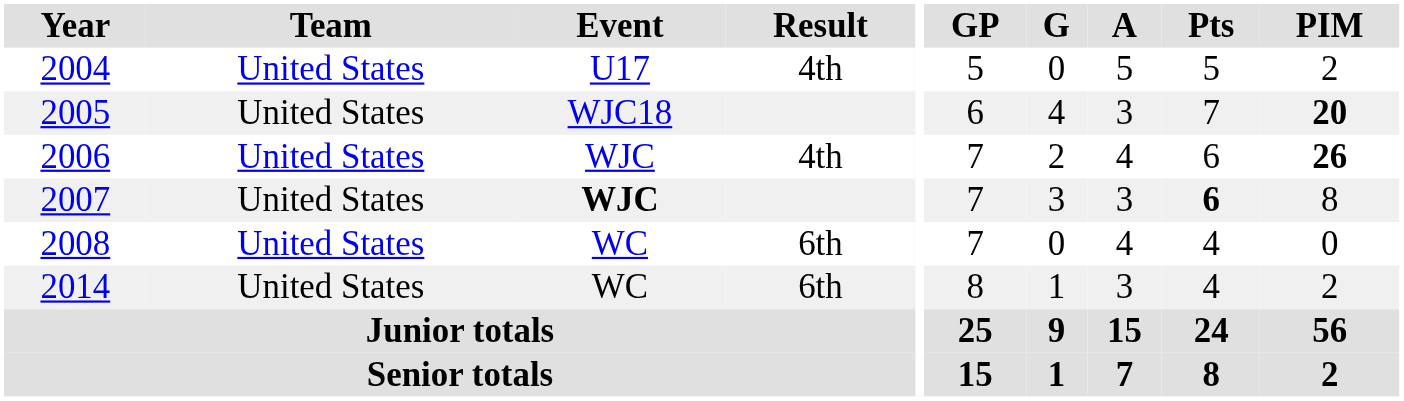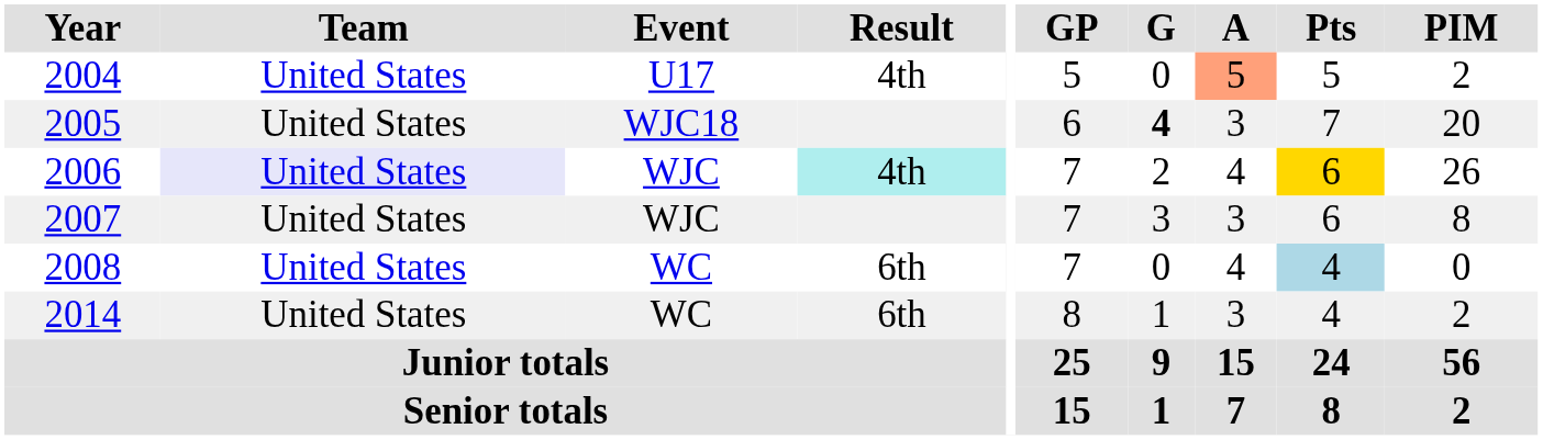 <table border="0" cellpadding="1" cellspacing="0" ID="Table3" style="text-align:center; width:40em">
 <tr ALIGN="center" bgcolor="#e0e0e0">
 <th>Year</th>
 <th>Team</th>
 <th>Event</th>
 <th>Result</th>
 <th rowspan="99" bgcolor="#ffffff"></th>
 <th>GP</th>
 <th>G</th>
 <th>A</th>
 <th>Pts</th>
 <th>PIM</th>
 </tr>
 <tr>
 <td><a href='#'>2004</a></td>
 <td><a href='#'>United States</a></td>
 <td><a href='#'>U17</a></td>
 <td>4th</td>
 <td>5</td>
 <td>0</td>
-<td>5</td>
+<td style="background: lightsalmon;">5</td>
 <td>5</td>
 <td>2</td>
 </tr>
 <tr bgcolor="#f0f0f0">
 <td><a href='#'>2005</a></td>
 <td>United States</td>
 <td><a href='#'>WJC18</a></td>
 <td></td>
 <td>6</td>
-<td>4</td>
+<td><strong>4</strong></td>
 <td>3</td>
 <td>7</td>
-<td><strong>20</strong></td>
+<td>20</td>
 </tr>
 <tr>
 <td><a href='#'>2006</a></td>
-<td><a href='#'>United States</a></td>
+<td style="background: lavender;"><a href='#'>United States</a></td>
 <td><a href='#'>WJC</a></td>
-<td>4th</td>
+<td style="background: paleturquoise;">4th</td>
 <td>7</td>
 <td>2</td>
 <td>4</td>
-<td>6</td>
-<td><strong>26</strong></td>
+<td style="background: gold;">6</td>
+<td>26</td>
 </tr>
 <tr bgcolor="#f0f0f0">
 <td><a href='#'>2007</a></td>
 <td>United States</td>
-<td><strong>WJC</strong></td>
+<td>WJC</td>
 <td></td>
 <td>7</td>
 <td>3</td>
 <td>3</td>
-<td><strong>6</strong></td>
+<td>6</td>
 <td>8</td>
 </tr>
 <tr>
 <td><a href='#'>2008</a></td>
 <td><a href='#'>United States</a></td>
 <td><a href='#'>WC</a></td>
 <td>6th</td>
 <td>7</td>
 <td>0</td>
 <td>4</td>
-<td>4</td>
+<td style="background: lightblue;">4</td>
 <td>0</td>
 </tr>
 <tr bgcolor="#f0f0f0">
 <td><a href='#'>2014</a></td>
 <td>United States</td>
 <td>WC</td>
 <td>6th</td>
 <td>8</td>
 <td>1</td>
 <td>3</td>
 <td>4</td>
 <td>2</td>
 </tr>
 <tr style="background:#e0e0e0;">
 <th colspan="4">Junior totals</th>
 <th>25</th>
 <th>9</th>
 <th>15</th>
 <th>24</th>
 <th>56</th>
 </tr>
 <tr style="background:#e0e0e0;">
 <th colspan="4">Senior totals</th>
 <th>15</th>
 <th>1</th>
 <th>7</th>
 <th>8</th>
 <th>2</th>
 </tr>
 </table>
